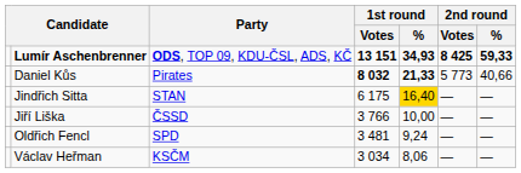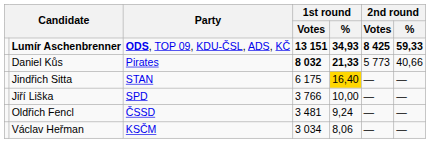 <table class="wikitable sortable">
 <tr>
 <th colspan="2" rowspan="2">Candidate</th>
 <th rowspan="2">Party</th>
 <th colspan="2">1st round</th>
 <th colspan="2">2nd round</th>
 </tr>
 <tr>
 <th>Votes</th>
 <th>%</th>
 <th>Votes</th>
 <th>%</th>
 </tr>
 <tr>
 <td style="background-color:"></td>
 <td><strong>Lumír Aschenbrenner</strong></td>
 <td><a href='#'><strong>ODS</strong></a>, <a href='#'>TOP 09</a>, <a href='#'>KDU-ČSL</a>, <a href='#'>ADS</a>, <a href='#'>KČ</a></td>
 <td><strong>13 151</strong></td>
 <td><strong>34,93</strong></td>
 <td><strong>8 425</strong></td>
 <td><strong>59,33</strong></td>
 </tr>
 <tr>
 <td style="background-color:"></td>
 <td>Daniel Kůs</td>
 <td><a href='#'>Pirates</a></td>
 <td><strong>8 032</strong></td>
 <td><strong>21,33</strong></td>
 <td>5 773</td>
 <td>40,66</td>
 </tr>
 <tr>
 <td style="background-color:"></td>
 <td>Jindřich Sitta</td>
 <td><a href='#'>STAN</a></td>
 <td>6 175</td>
 <td style="background: gold;">16,40</td>
 <td>—</td>
 <td>—</td>
 </tr>
 <tr>
 <td style="background-color:"></td>
 <td>Jiří Liška</td>
-<td><a href='#'>ČSSD</a></td>
+<td><a href='#'>SPD</a></td>
 <td>3 766</td>
 <td>10,00</td>
 <td>—</td>
 <td>—</td>
 </tr>
 <tr>
 <td style="background-color:"></td>
 <td>Oldřich Fencl</td>
-<td><a href='#'>SPD</a></td>
+<td><a href='#'>ČSSD</a></td>
 <td>3 481</td>
 <td>9,24</td>
 <td>—</td>
 <td>—</td>
 </tr>
 <tr>
 <td style="background-color:"></td>
 <td>Václav Heřman</td>
 <td><a href='#'>KSČM</a></td>
 <td>3 034</td>
 <td>8,06</td>
 <td>—</td>
 <td>—</td>
 </tr>
 </table>
